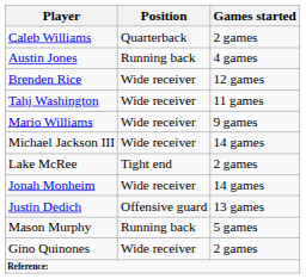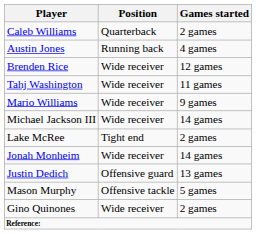 <table class="wikitable">
 <tr>
 <th style="text-align:center; ">Player</th>
 <th style="text-align:center; ">Position</th>
 <th style="text-align:center; ">Games started</th>
 </tr>
 <tr>
 <td><a href='#'>Caleb Williams</a></td>
 <td>Quarterback</td>
 <td>2 games</td>
 </tr>
 <tr>
 <td><a href='#'>Austin Jones</a></td>
 <td>Running back</td>
 <td>4 games</td>
 </tr>
 <tr>
 <td><a href='#'>Brenden Rice</a></td>
 <td>Wide receiver</td>
 <td>12 games</td>
 </tr>
 <tr>
 <td><a href='#'>Tahj Washington</a></td>
 <td>Wide receiver</td>
 <td>11 games</td>
 </tr>
 <tr>
 <td><a href='#'>Mario Williams</a></td>
 <td>Wide receiver</td>
 <td>9 games</td>
 </tr>
 <tr>
 <td>Michael Jackson III</td>
 <td>Wide receiver</td>
 <td>14 games</td>
 </tr>
 <tr>
 <td>Lake McRee</td>
 <td>Tight end</td>
 <td>2 games</td>
 </tr>
 <tr>
 <td><a href='#'>Jonah Monheim</a></td>
 <td>Wide receiver</td>
 <td>14 games</td>
 </tr>
 <tr>
 <td><a href='#'>Justin Dedich</a></td>
 <td>Offensive guard</td>
 <td>13 games</td>
 </tr>
 <tr>
 <td>Mason Murphy</td>
-<td>Running back</td>
+<td>Offensive tackle</td>
 <td>5 games</td>
 </tr>
 <tr>
 <td>Gino Quinones</td>
 <td>Wide receiver</td>
 <td>2 games</td>
 </tr>
 <tr>
 <td colspan="4"  style="font-size:8pt; text-align:left;"><strong>Reference:</strong></td>
 </tr>
 </table>
